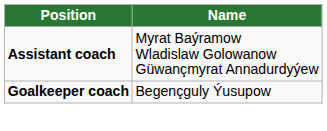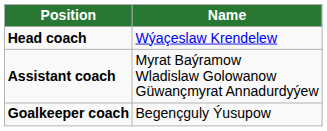 <table class="wikitable" style="text-align: center;font-size:100%;">
 <tr>
 <th style="color:#FFFFFF;background:#287834">Position</th>
 <th style="color:#FFFFFF;background:#287834">Name</th>
+</tr>
+<tr>
+<td style="text-align:left;"><strong>Head coach</strong></td>
+<td style="text-align:left;"> <a href='#'>Wýaçeslaw Krendelew</a></td>
 </tr>
 <tr>
 <td style="text-align:left;"><strong>Assistant coach</strong></td>
 <td style="text-align:left;"> Myrat Baýramow <br>  Wladislaw Golowanow <br>  Güwançmyrat Annadurdyýew</td>
 </tr>
 <tr>
 <td style="text-align:left;"><strong>Goalkeeper coach</strong></td>
 <td style="text-align:left;"> Begençguly Ýusupow</td>
 </tr>
 </table>
